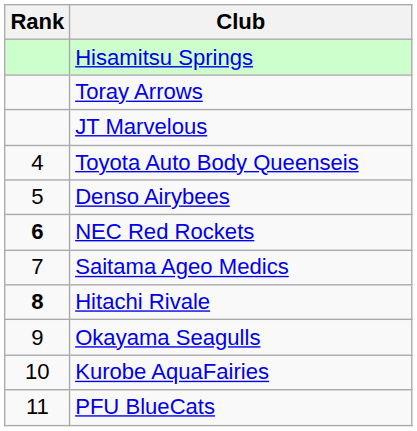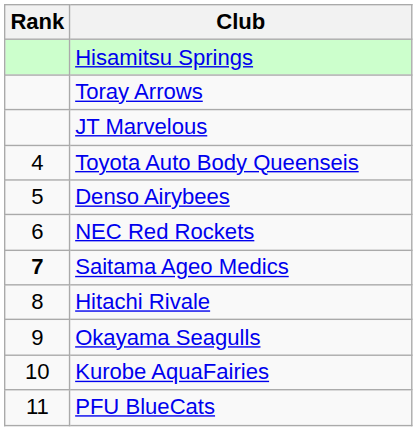 <table class="wikitable" style="text-align: center;">
 <tr>
 <th width=40>Rank</th>
 <th width=240>Club</th>
 </tr>
 <tr align=center bgcolor=#ccffcc>
 <td></td>
 <td style="text-align:left;"><a href='#'>Hisamitsu Springs</a></td>
 </tr>
 <tr align=center>
 <td></td>
 <td style="text-align:left;"><a href='#'>Toray Arrows</a></td>
 </tr>
 <tr align=center>
 <td></td>
 <td style="text-align:left;"><a href='#'>JT Marvelous</a></td>
 </tr>
 <tr align=center>
 <td>4</td>
 <td style="text-align:left;"><a href='#'>Toyota Auto Body Queenseis</a></td>
 </tr>
 <tr align=center>
 <td>5</td>
 <td style="text-align:left;"><a href='#'>Denso Airybees</a></td>
 </tr>
 <tr align=center>
-<td><strong>6</strong></td>
+<td>6</td>
 <td style="text-align:left;"><a href='#'>NEC Red Rockets</a></td>
 </tr>
 <tr align=center>
-<td>7</td>
+<td><strong>7</strong></td>
 <td style="text-align:left;"><a href='#'>Saitama Ageo Medics</a></td>
 </tr>
 <tr align=center>
-<td><strong>8</strong></td>
+<td>8</td>
 <td style="text-align:left;"><a href='#'>Hitachi Rivale</a></td>
 </tr>
 <tr align=center>
 <td>9</td>
 <td style="text-align:left;"><a href='#'>Okayama Seagulls</a></td>
 </tr>
 <tr align=center>
 <td>10</td>
 <td style="text-align:left;"><a href='#'>Kurobe AquaFairies</a></td>
 </tr>
 <tr align=center>
 <td>11</td>
 <td style="text-align:left;"><a href='#'>PFU BlueCats</a></td>
 </tr>
 </table>
